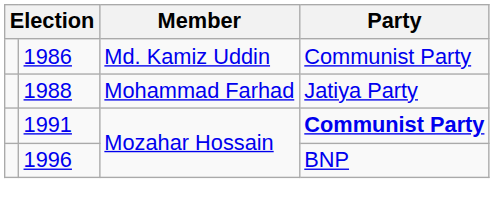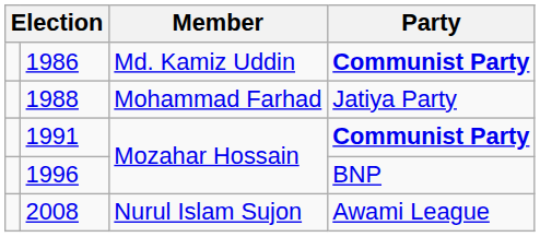 <table class="wikitable">
 <tr>
 <th colspan="2">Election</th>
 <th>Member</th>
 <th>Party</th>
 </tr>
 <tr>
 <td style="background-color:"></td>
 <td><a href='#'>1986</a></td>
 <td><a href='#'>Md. Kamiz Uddin</a></td>
-<td><a href='#'>Communist Party</a></td>
+<td><strong><a href='#'>Communist Party</a></strong></td>
 </tr>
 <tr>
 <td style="background-color:"></td>
 <td><a href='#'>1988</a></td>
 <td><a href='#'>Mohammad Farhad</a></td>
 <td><a href='#'>Jatiya Party</a></td>
 </tr>
 <tr>
 <td style="background-color:"></td>
 <td><a href='#'>1991</a></td>
 <td rowspan="2"><a href='#'>Mozahar Hossain</a></td>
 <td><strong><a href='#'>Communist Party</a></strong></td>
 </tr>
 <tr>
 <td style="background-color:"></td>
 <td><a href='#'>1996</a></td>
 <td><a href='#'>BNP</a></td>
 </tr>
+<tr>
+<td style="background-color:"></td>
+<td><a href='#'>2008</a></td>
+<td><a href='#'>Nurul Islam Sujon</a></td>
+<td><a href='#'>Awami League</a></td>
+</tr>
 </table>
